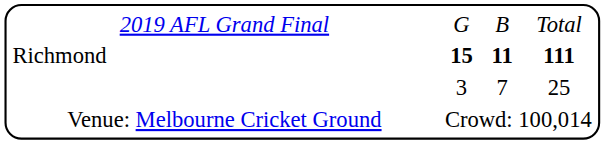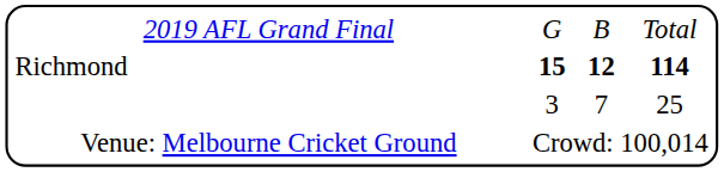 <table style="margin-right:4px; margin-top:8px; float:right; border:1px #000 solid; border-radius:8px; background:#fff; font-family:Verdana; font-size:8pt; text-align:center;">
 <tr>
 <td style="width:200px;"><em><a href='#'>2019 AFL Grand Final</a></em></td>
 <td><em>G</em></td>
 <td><em>B</em></td>
 <td><em>Total</em></td>
 </tr>
 <tr>
 <td style="text-align:left">Richmond</td>
 <td><strong>15</strong></td>
-<td><strong>11</strong></td>
-<td><strong>111</strong></td>
+<td><strong>12</strong></td>
+<td><strong>114</strong></td>
 </tr>
 <tr>
 <td style="text-align:left"></td>
 <td>3</td>
 <td>7</td>
 <td>25</td>
 </tr>
 <tr>
 <td>Venue: <a href='#'>Melbourne Cricket Ground</a></td>
 <td colspan="3">Crowd: 100,014</td>
 </tr>
 </table>
